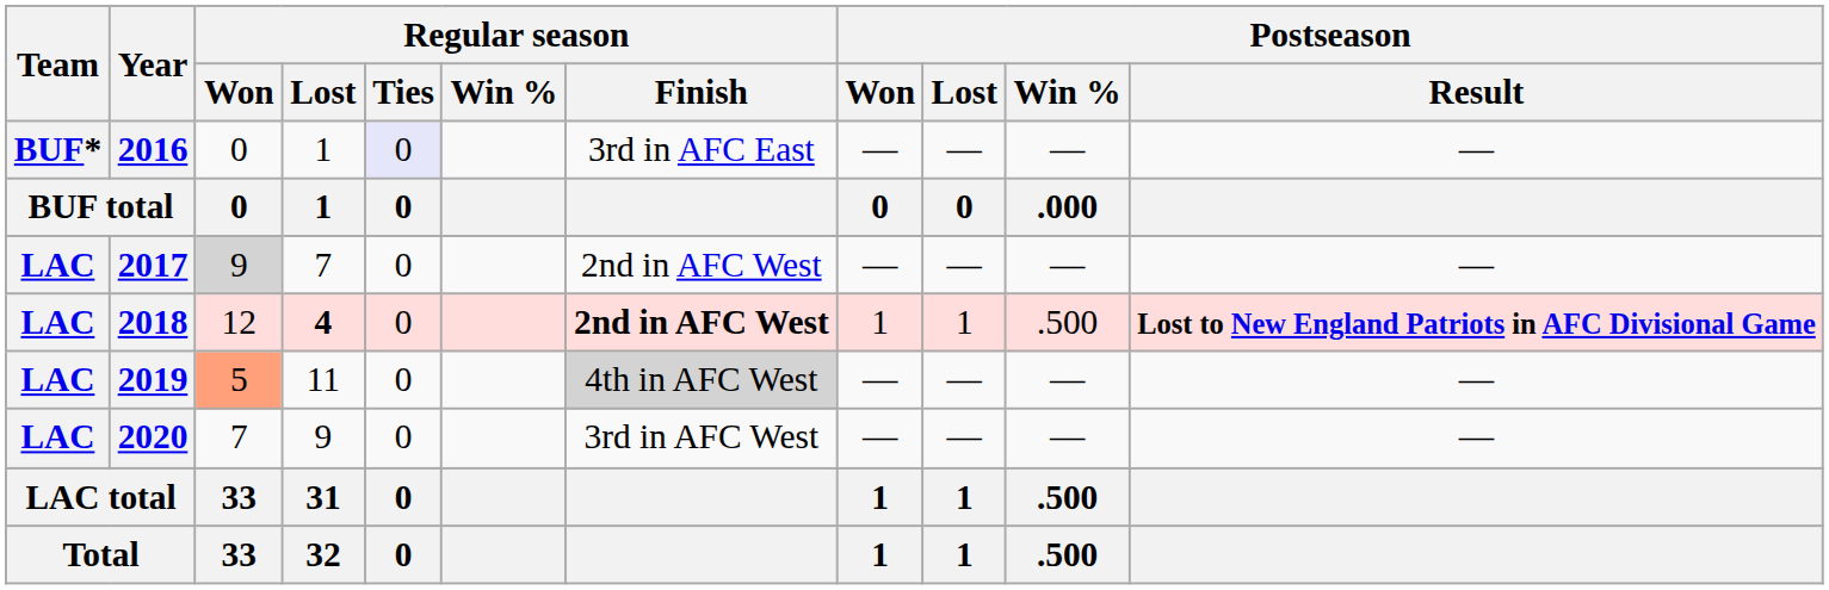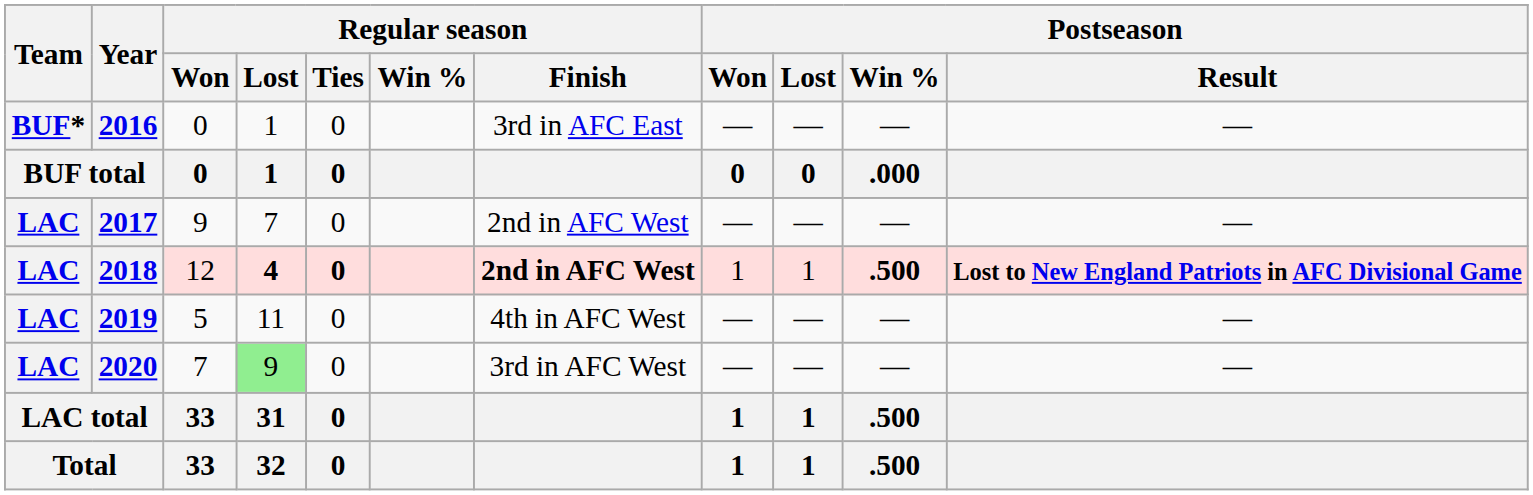 <table class="wikitable" style="font-size: 95%; text-align:center;">
 <tr>
 <th rowspan="2">Team</th>
 <th rowspan="2">Year</th>
 <th colspan="5">Regular season</th>
 <th colspan="4">Postseason</th>
 </tr>
 <tr>
 <th>Won</th>
 <th>Lost</th>
 <th>Ties</th>
 <th>Win %</th>
 <th>Finish</th>
 <th>Won</th>
 <th>Lost</th>
 <th>Win %</th>
 <th>Result</th>
 </tr>
 <tr>
 <th><a href='#'>BUF</a>*</th>
 <th><a href='#'>2016</a></th>
 <td>0</td>
 <td>1</td>
-<td style="background: lavender;">0</td>
+<td>0</td>
 <td></td>
 <td>3rd in <a href='#'>AFC East</a></td>
 <td>—</td>
 <td>—</td>
 <td>—</td>
 <td>—</td>
 </tr>
 <tr>
 <th colspan="2">BUF total</th>
 <th>0</th>
 <th>1</th>
 <th>0</th>
 <th></th>
 <th></th>
 <th>0</th>
 <th>0</th>
 <th>.000</th>
 <th></th>
 </tr>
 <tr>
 <th><a href='#'>LAC</a></th>
 <th><a href='#'>2017</a></th>
-<td style="background: lightgrey;">9</td>
+<td>9</td>
 <td>7</td>
 <td>0</td>
 <td></td>
 <td>2nd in <a href='#'>AFC West</a></td>
 <td>—</td>
 <td>—</td>
 <td>—</td>
 <td>—</td>
 </tr>
 <tr style="background:#fdd;">
 <th><a href='#'>LAC</a></th>
 <th><a href='#'>2018</a></th>
 <td>12</td>
 <td><strong>4</strong></td>
-<td>0</td>
+<td><strong>0</strong></td>
 <td></td>
 <td><strong>2nd in AFC West</strong></td>
 <td>1</td>
 <td>1</td>
-<td>.500</td>
+<td><strong>.500</strong></td>
 <td><small><strong>Lost to <a href='#'>New England Patriots</a> in <a href='#'>AFC Divisional Game</a></strong></small></td>
 </tr>
 <tr>
 <th><a href='#'>LAC</a></th>
 <th><a href='#'>2019</a></th>
-<td style="background: lightsalmon;">5</td>
+<td>5</td>
 <td>11</td>
 <td>0</td>
 <td></td>
-<td style="background: lightgrey;">4th in AFC West</td>
+<td>4th in AFC West</td>
 <td>—</td>
 <td>—</td>
 <td>—</td>
 <td>—</td>
 </tr>
 <tr>
 <th><a href='#'>LAC</a></th>
 <th><a href='#'>2020</a></th>
 <td>7</td>
-<td>9</td>
+<td style="background: lightgreen;">9</td>
 <td>0</td>
 <td></td>
 <td>3rd in AFC West</td>
 <td>—</td>
 <td>—</td>
 <td>—</td>
 <td>—</td>
 </tr>
 <tr>
 <th colspan="2">LAC total</th>
 <th>33</th>
 <th>31</th>
 <th>0</th>
 <th></th>
 <th></th>
 <th>1</th>
 <th>1</th>
 <th>.500</th>
 <th></th>
 </tr>
 <tr>
 <th colspan="2">Total</th>
 <th>33</th>
 <th>32</th>
 <th>0</th>
 <th></th>
 <th></th>
 <th>1</th>
 <th>1</th>
 <th>.500</th>
 <th></th>
 </tr>
 </table>
